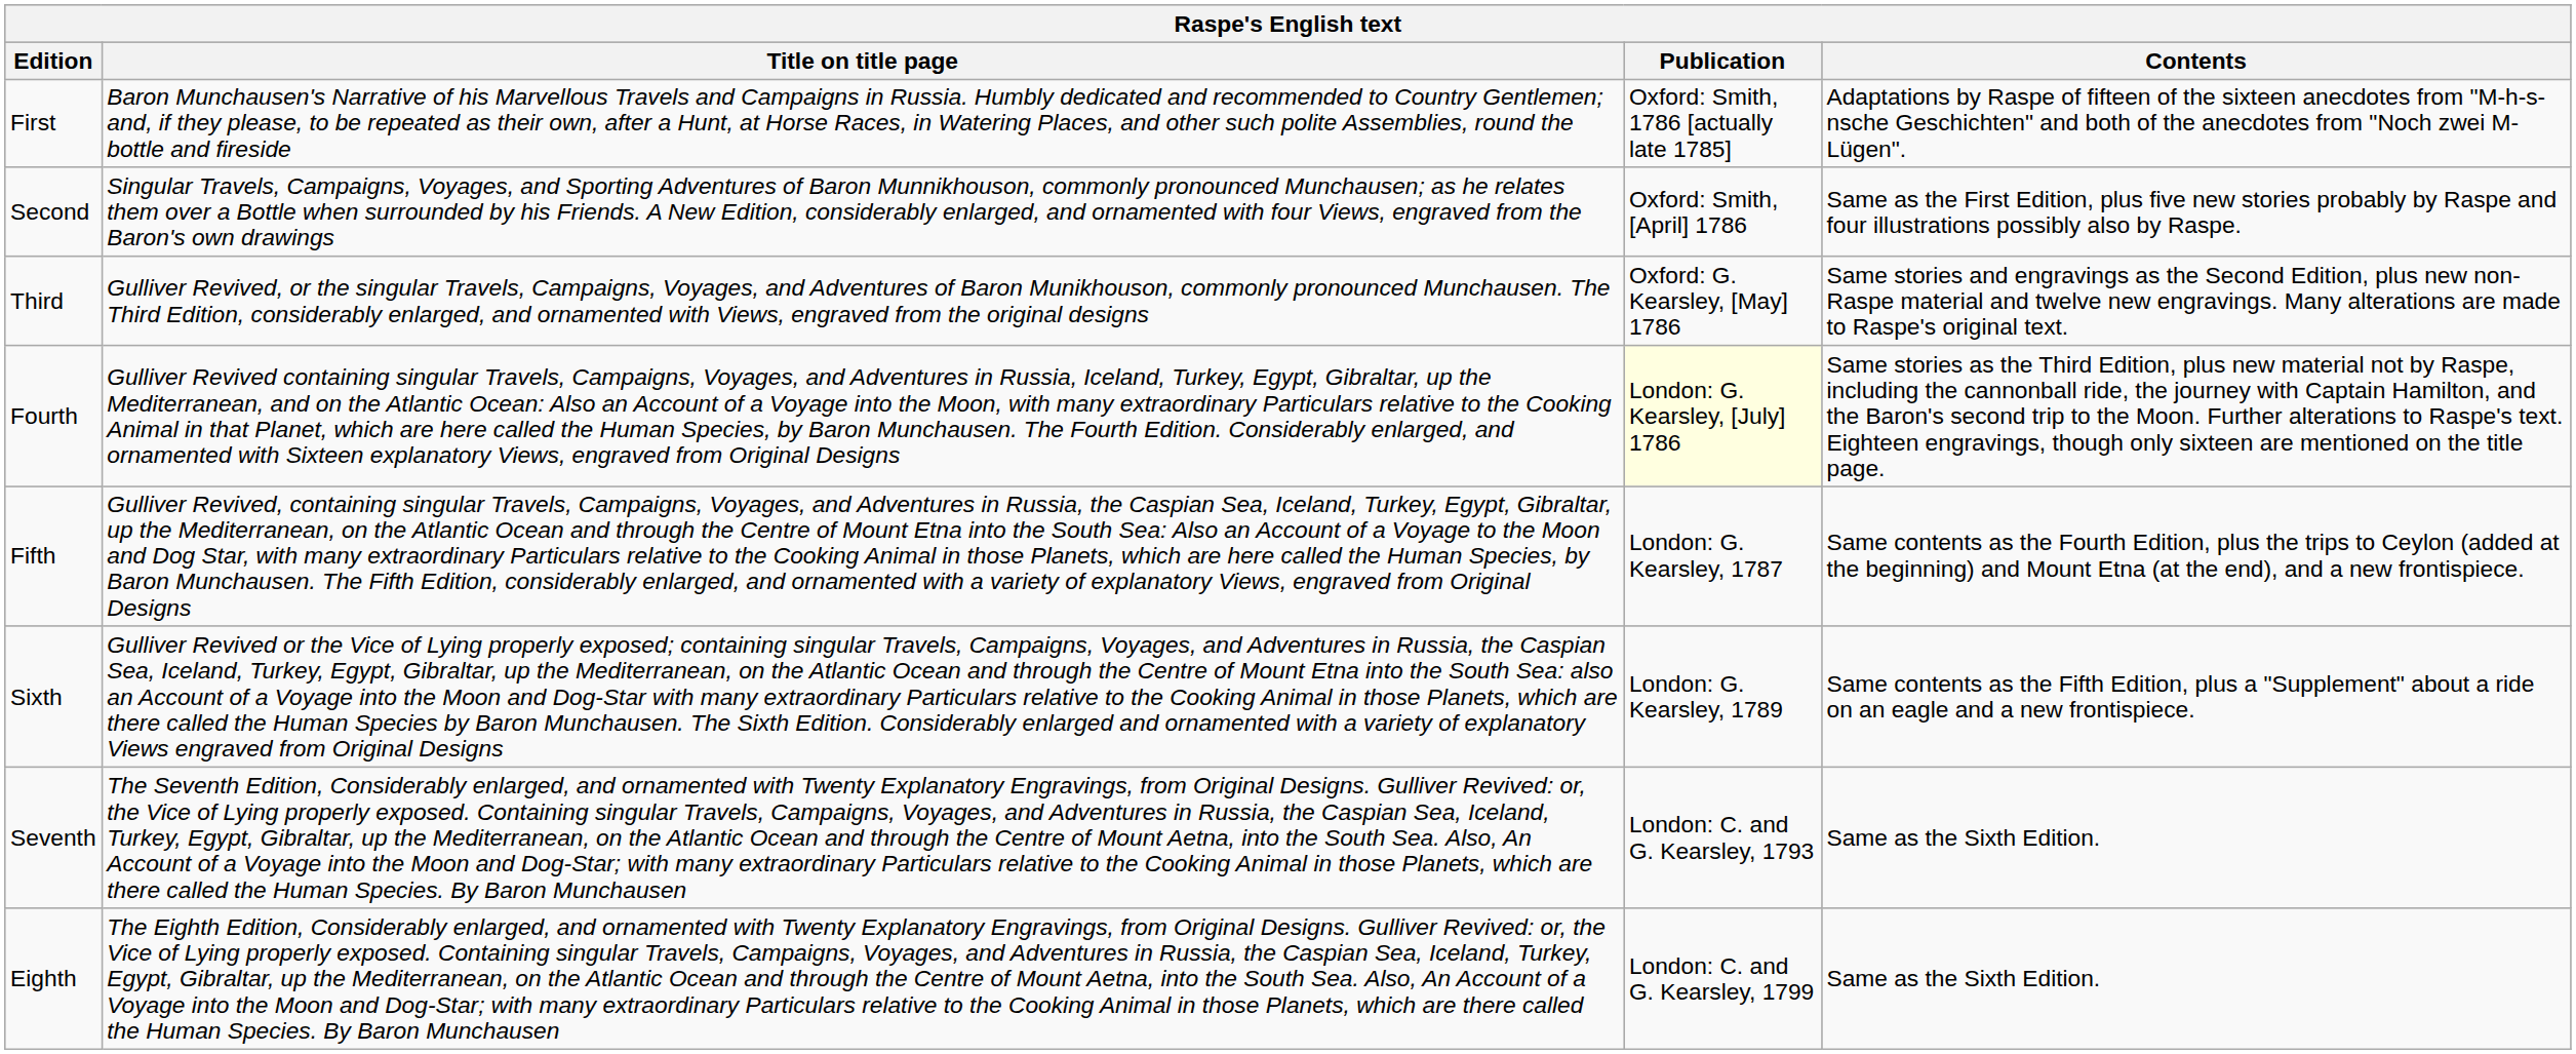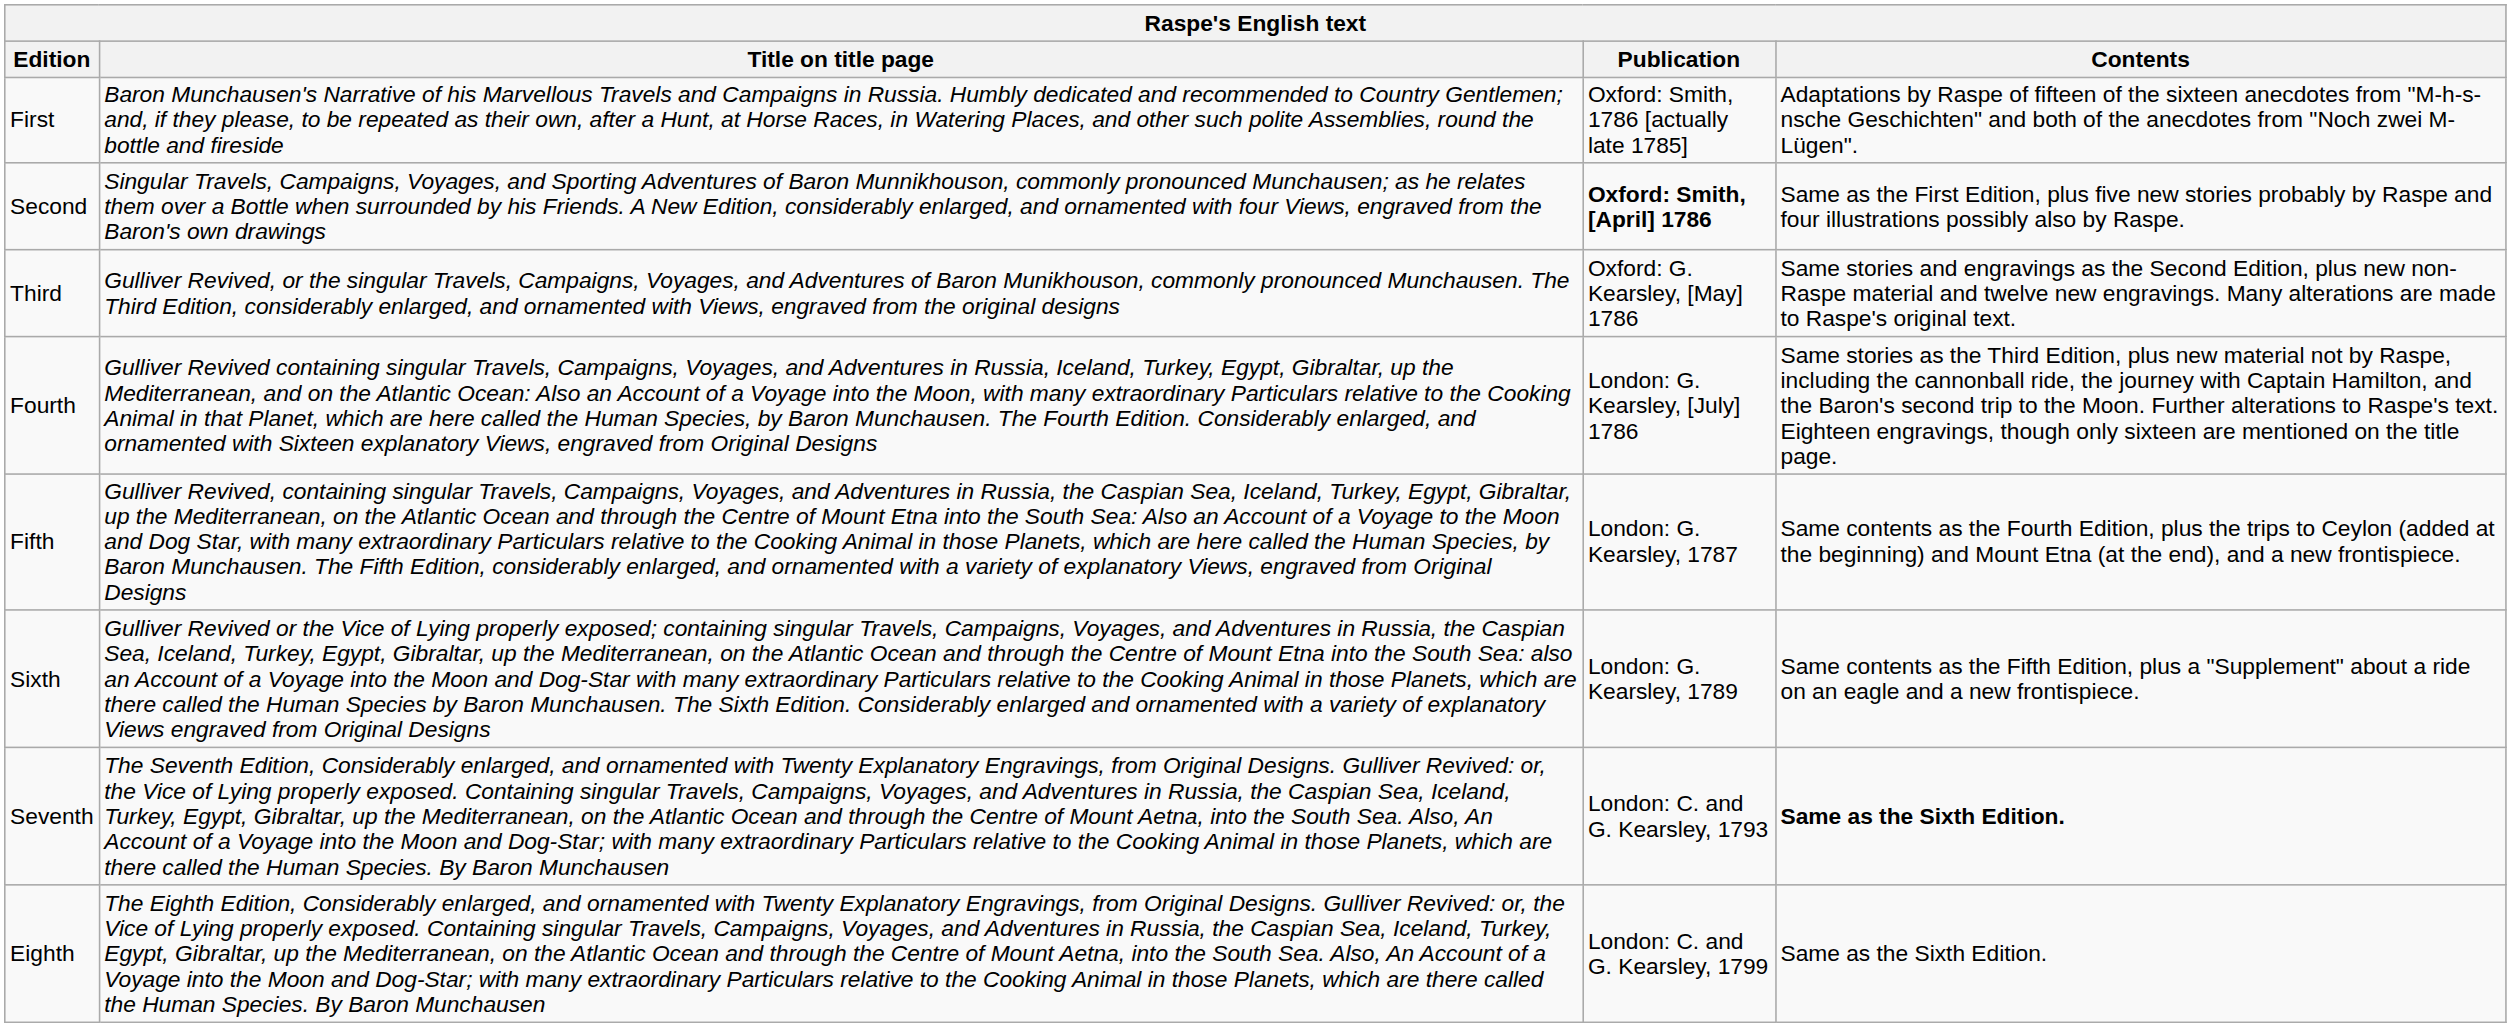 <table class="wikitable" width="100%" style="font-size:90%">
 <tr>
 <th colspan="4">Raspe's English text</th>
 </tr>
 <tr>
 <th>Edition</th>
 <th>Title on title page</th>
 <th>Publication</th>
 <th>Contents</th>
 </tr>
 <tr>
 <td>First</td>
 <td><em>Baron Munchausen's Narrative of his Marvellous Travels and Campaigns in Russia. Humbly dedicated and recommended to Country Gentlemen; and, if they please, to be repeated as their own, after a Hunt, at Horse Races, in Watering Places, and other such polite Assemblies, round the bottle and fireside</em></td>
 <td>Oxford: Smith, 1786 [actually late 1785]</td>
 <td>Adaptations by Raspe of fifteen of the sixteen anecdotes from "M-h-s-nsche Geschichten" and both of the anecdotes from "Noch zwei M-Lügen".</td>
 </tr>
 <tr>
 <td>Second</td>
 <td><em>Singular Travels, Campaigns, Voyages, and Sporting Adventures of Baron Munnikhouson, commonly pronounced Munchausen; as he relates them over a Bottle when surrounded by his Friends. A New Edition, considerably enlarged, and ornamented with four Views, engraved from the Baron's own drawings</em></td>
-<td>Oxford: Smith, [April] 1786</td>
+<td><strong>Oxford: Smith, [April] 1786</strong></td>
 <td>Same as the First Edition, plus five new stories probably by Raspe and four illustrations possibly also by Raspe.</td>
 </tr>
 <tr>
 <td>Third</td>
 <td><em>Gulliver Revived, or the singular Travels, Campaigns, Voyages, and Adventures of Baron Munikhouson, commonly pronounced Munchausen. The Third Edition, considerably enlarged, and ornamented with Views, engraved from the original designs</em></td>
 <td>Oxford: G. Kearsley, [May] 1786</td>
 <td>Same stories and engravings as the Second Edition, plus new non-Raspe material and twelve new engravings. Many alterations are made to Raspe's original text.</td>
 </tr>
 <tr>
 <td>Fourth</td>
 <td><em>Gulliver Revived containing singular Travels, Campaigns, Voyages, and Adventures in Russia, Iceland, Turkey, Egypt, Gibraltar, up the Mediterranean, and on the Atlantic Ocean: Also an Account of a Voyage into the Moon, with many extraordinary Particulars relative to the Cooking Animal in that Planet, which are here called the Human Species, by Baron Munchausen. The Fourth Edition. Considerably enlarged, and ornamented with Sixteen explanatory Views, engraved from Original Designs</em></td>
-<td style="background: lightyellow;">London: G. Kearsley, [July] 1786</td>
+<td>London: G. Kearsley, [July] 1786</td>
 <td>Same stories as the Third Edition, plus new material not by Raspe, including the cannonball ride, the journey with Captain Hamilton, and the Baron's second trip to the Moon. Further alterations to Raspe's text. Eighteen engravings, though only sixteen are mentioned on the title page.</td>
 </tr>
 <tr>
 <td>Fifth</td>
 <td><em>Gulliver Revived, containing singular Travels, Campaigns, Voyages, and Adventures in Russia, the Caspian Sea, Iceland, Turkey, Egypt, Gibraltar, up the Mediterranean, on the Atlantic Ocean and through the Centre of Mount Etna into the South Sea: Also an Account of a Voyage to the Moon and Dog Star, with many extraordinary Particulars relative to the Cooking Animal in those Planets, which are here called the Human Species, by Baron Munchausen. The Fifth Edition, considerably enlarged, and ornamented with a variety of explanatory Views, engraved from Original Designs</em></td>
 <td>London: G. Kearsley, 1787</td>
 <td>Same contents as the Fourth Edition, plus the trips to Ceylon (added at the beginning) and Mount Etna (at the end), and a new frontispiece.</td>
 </tr>
 <tr>
 <td>Sixth</td>
 <td><em>Gulliver Revived or the Vice of Lying properly exposed; containing singular Travels, Campaigns, Voyages, and Adventures in Russia, the Caspian Sea, Iceland, Turkey, Egypt, Gibraltar, up the Mediterranean, on the Atlantic Ocean and through the Centre of Mount Etna into the South Sea: also an Account of a Voyage into the Moon and Dog-Star with many extraordinary Particulars relative to the Cooking Animal in those Planets, which are there called the Human Species by Baron Munchausen. The Sixth Edition. Considerably enlarged and ornamented with a variety of explanatory Views engraved from Original Designs</em></td>
 <td>London: G. Kearsley, 1789</td>
 <td>Same contents as the Fifth Edition, plus a "Supplement" about a ride on an eagle and a new frontispiece.</td>
 </tr>
 <tr>
 <td>Seventh</td>
 <td><em>The Seventh Edition, Considerably enlarged, and ornamented with Twenty Explanatory Engravings, from Original Designs. Gulliver Revived: or, the Vice of Lying properly exposed. Containing singular Travels, Campaigns, Voyages, and Adventures in Russia, the Caspian Sea, Iceland, Turkey, Egypt, Gibraltar, up the Mediterranean, on the Atlantic Ocean and through the Centre of Mount Aetna, into the South Sea. Also, An Account of a Voyage into the Moon and Dog-Star; with many extraordinary Particulars relative to the Cooking Animal in those Planets, which are there called the Human Species. By Baron Munchausen</em></td>
 <td>London: C. and G. Kearsley, 1793</td>
-<td>Same as the Sixth Edition.</td>
+<td><strong>Same as the Sixth Edition.</strong></td>
 </tr>
 <tr>
 <td>Eighth</td>
 <td><em>The Eighth Edition, Considerably enlarged, and ornamented with Twenty Explanatory Engravings, from Original Designs. Gulliver Revived: or, the Vice of Lying properly exposed. Containing singular Travels, Campaigns, Voyages, and Adventures in Russia, the Caspian Sea, Iceland, Turkey, Egypt, Gibraltar, up the Mediterranean, on the Atlantic Ocean and through the Centre of Mount Aetna, into the South Sea. Also, An Account of a Voyage into the Moon and Dog-Star; with many extraordinary Particulars relative to the Cooking Animal in those Planets, which are there called the Human Species. By Baron Munchausen</em></td>
 <td>London: C. and G. Kearsley, 1799</td>
 <td>Same as the Sixth Edition.</td>
 </tr>
 </table>
